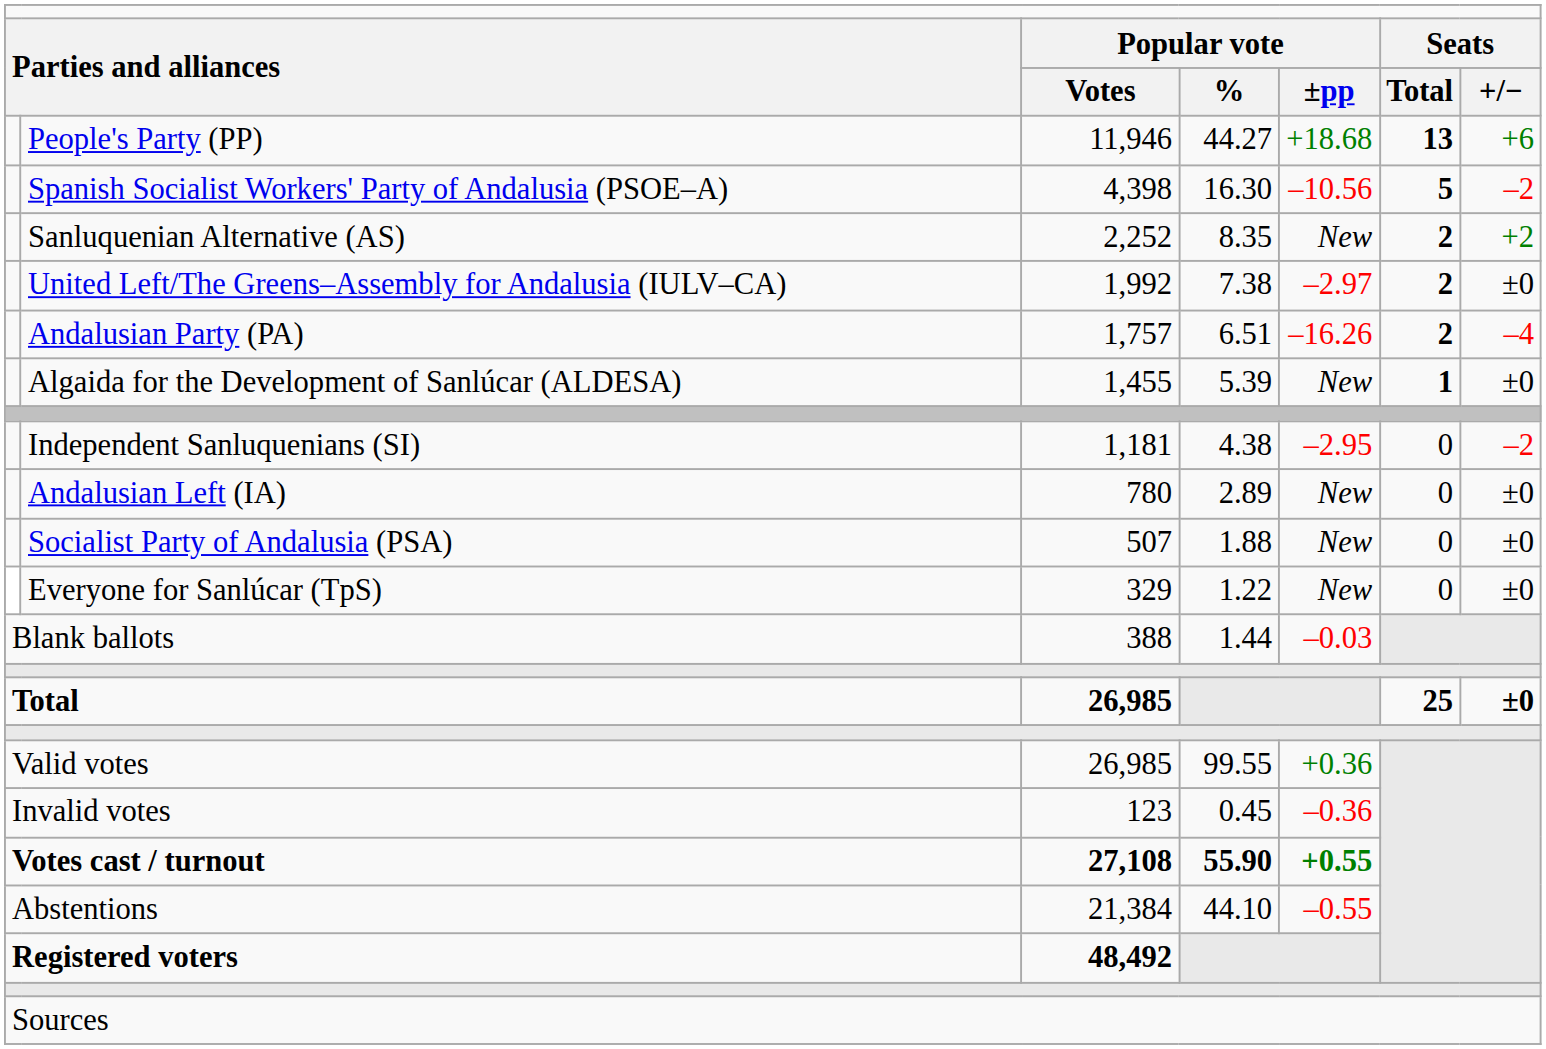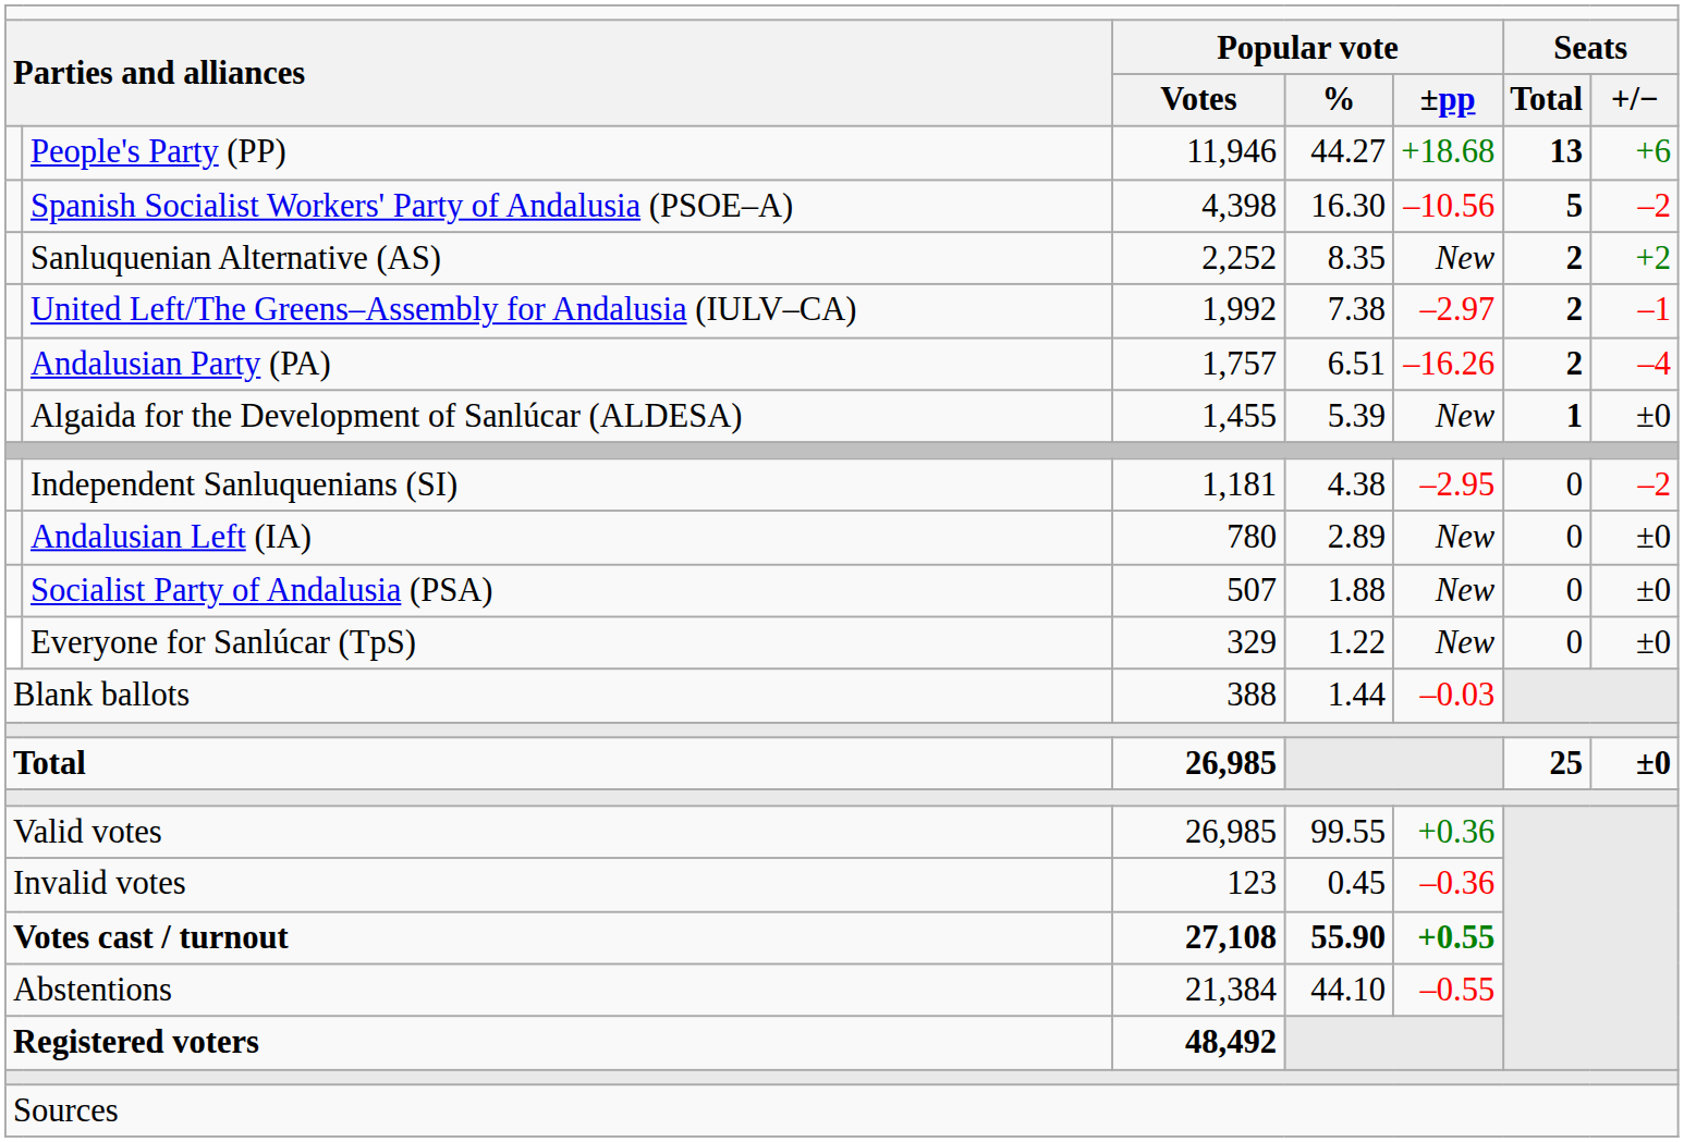 <table class="wikitable" style="text-align:right;">
 <tr>
 <td colspan="7"></td>
 </tr>
 <tr>
 <th style="text-align:left;" rowspan="2" colspan="2" width="525">Parties and alliances</th>
 <th colspan="3">Popular vote</th>
 <th colspan="2">Seats</th>
 </tr>
 <tr>
 <th width="75">Votes</th>
 <th width="45">%</th>
 <th width="45">±<a href='#'>pp</a></th>
 <th width="35">Total</th>
 <th width="35">+/−</th>
 </tr>
 <tr>
 <td width="1" style="color:inherit;background:"></td>
 <td align="left"><a href='#'>People's Party</a> (PP)</td>
 <td>11,946</td>
 <td>44.27</td>
 <td style="color:green;">+18.68</td>
 <td><strong>13</strong></td>
 <td style="color:green;">+6</td>
 </tr>
 <tr>
 <td style="color:inherit;background:"></td>
 <td align="left"><a href='#'>Spanish Socialist Workers' Party of Andalusia</a> (PSOE–A)</td>
 <td>4,398</td>
 <td>16.30</td>
 <td style="color:red;">–10.56</td>
 <td><strong>5</strong></td>
 <td style="color:red;">–2</td>
 </tr>
 <tr>
 <td style="color:inherit;background:"></td>
 <td align="left">Sanluquenian Alternative (AS)</td>
 <td>2,252</td>
 <td>8.35</td>
 <td><em>New</em></td>
 <td><strong>2</strong></td>
 <td style="color:green;">+2</td>
 </tr>
 <tr>
 <td style="color:inherit;background:"></td>
 <td align="left"><a href='#'>United Left/The Greens–Assembly for Andalusia</a> (IULV–CA)</td>
 <td>1,992</td>
 <td>7.38</td>
 <td style="color:red;">–2.97</td>
 <td><strong>2</strong></td>
-<td>±0</td>
+<td style="color:red;">–1</td>
 </tr>
 <tr>
 <td style="color:inherit;background:"></td>
 <td align="left"><a href='#'>Andalusian Party</a> (PA)</td>
 <td>1,757</td>
 <td>6.51</td>
 <td style="color:red;">–16.26</td>
 <td><strong>2</strong></td>
 <td style="color:red;">–4</td>
 </tr>
 <tr>
 <td style="color:inherit;background:"></td>
 <td align="left">Algaida for the Development of Sanlúcar (ALDESA)</td>
 <td>1,455</td>
 <td>5.39</td>
 <td><em>New</em></td>
 <td><strong>1</strong></td>
 <td>±0</td>
 </tr>
 <tr>
 <td colspan="7" bgcolor="#C0C0C0"></td>
 </tr>
 <tr>
 <td style="color:inherit;background:"></td>
 <td align="left">Independent Sanluquenians (SI)</td>
 <td>1,181</td>
 <td>4.38</td>
 <td style="color:red;">–2.95</td>
 <td>0</td>
 <td style="color:red;">–2</td>
 </tr>
 <tr>
 <td style="color:inherit;background:"></td>
 <td align="left"><a href='#'>Andalusian Left</a> (IA)</td>
 <td>780</td>
 <td>2.89</td>
 <td><em>New</em></td>
 <td>0</td>
 <td>±0</td>
 </tr>
 <tr>
 <td style="color:inherit;background:"></td>
 <td align="left"><a href='#'>Socialist Party of Andalusia</a> (PSA)</td>
 <td>507</td>
 <td>1.88</td>
 <td><em>New</em></td>
 <td>0</td>
 <td>±0</td>
 </tr>
 <tr>
 <td bgcolor="white"></td>
 <td align="left">Everyone for Sanlúcar (TpS)</td>
 <td>329</td>
 <td>1.22</td>
 <td><em>New</em></td>
 <td>0</td>
 <td>±0</td>
 </tr>
 <tr>
 <td align="left" colspan="2">Blank ballots</td>
 <td>388</td>
 <td>1.44</td>
 <td style="color:red;">–0.03</td>
 <td bgcolor="#E9E9E9" colspan="2"></td>
 </tr>
 <tr>
 <td colspan="7" bgcolor="#E9E9E9"></td>
 </tr>
 <tr style="font-weight:bold;">
 <td align="left" colspan="2">Total</td>
 <td>26,985</td>
 <td bgcolor="#E9E9E9" colspan="2"></td>
 <td>25</td>
 <td>±0</td>
 </tr>
 <tr>
 <td colspan="7" bgcolor="#E9E9E9"></td>
 </tr>
 <tr>
 <td align="left" colspan="2">Valid votes</td>
 <td>26,985</td>
 <td>99.55</td>
 <td style="color:green;">+0.36</td>
 <td bgcolor="#E9E9E9" colspan="2" rowspan="5"></td>
 </tr>
 <tr>
 <td align="left" colspan="2">Invalid votes</td>
 <td>123</td>
 <td>0.45</td>
 <td style="color:red;">–0.36</td>
 </tr>
 <tr style="font-weight:bold;">
 <td align="left" colspan="2">Votes cast / turnout</td>
 <td>27,108</td>
 <td>55.90</td>
 <td style="color:green;">+0.55</td>
 </tr>
 <tr>
 <td align="left" colspan="2">Abstentions</td>
 <td>21,384</td>
 <td>44.10</td>
 <td style="color:red;">–0.55</td>
 </tr>
 <tr style="font-weight:bold;">
 <td align="left" colspan="2">Registered voters</td>
 <td>48,492</td>
 <td bgcolor="#E9E9E9" colspan="2"></td>
 </tr>
 <tr>
 <td colspan="7" bgcolor="#E9E9E9"></td>
 </tr>
 <tr>
 <td align="left" colspan="7">Sources</td>
 </tr>
 </table>
